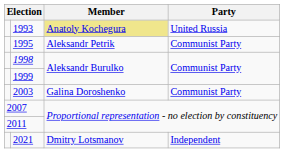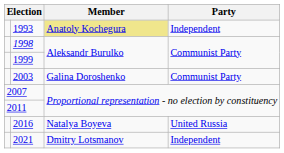 <table class="wikitable">
 <tr>
 <th colspan="2">Election</th>
 <th>Member</th>
 <th>Party</th>
 </tr>
 <tr>
 <td style="background-color: "></td>
 <td><a href='#'>1993</a></td>
 <td style="background: khaki;"><a href='#'>Anatoly Kochegura</a></td>
-<td><a href='#'>United Russia</a></td>
-</tr>
-<tr>
-<td style="background-color: "></td>
-<td><a href='#'>1995</a></td>
-<td><a href='#'>Aleksandr Petrik</a></td>
-<td><a href='#'>Communist Party</a></td>
+<td><a href='#'>Independent</a></td>
 </tr>
 <tr>
 <td style="background-color: "></td>
 <td><em><a href='#'>1998</a></em></td>
 <td rowspan=2><a href='#'>Aleksandr Burulko</a></td>
 <td rowspan=2><a href='#'>Communist Party</a></td>
 </tr>
 <tr>
 <td style="background-color: "></td>
 <td><a href='#'>1999</a></td>
 </tr>
 <tr>
 <td style="background-color: "></td>
 <td><a href='#'>2003</a></td>
 <td><a href='#'>Galina Doroshenko</a></td>
 <td><a href='#'>Communist Party</a></td>
 </tr>
 <tr>
 <td colspan=2><a href='#'>2007</a></td>
 <td colspan=2 rowspan=2><em><a href='#'>Proportional representation</a> - no election by constituency</em></td>
 </tr>
 <tr>
 <td colspan=2><a href='#'>2011</a></td>
 </tr>
 <tr>
 <td style="background-color: "></td>
+<td><a href='#'>2016</a></td>
+<td><a href='#'>Natalya Boyeva</a></td>
+<td><a href='#'>United Russia</a></td>
+</tr>
+<tr>
+<td style="background-color: "></td>
 <td><a href='#'>2021</a></td>
 <td><a href='#'>Dmitry Lotsmanov</a></td>
 <td><a href='#'>Independent</a></td>
 </tr>
 </table>
